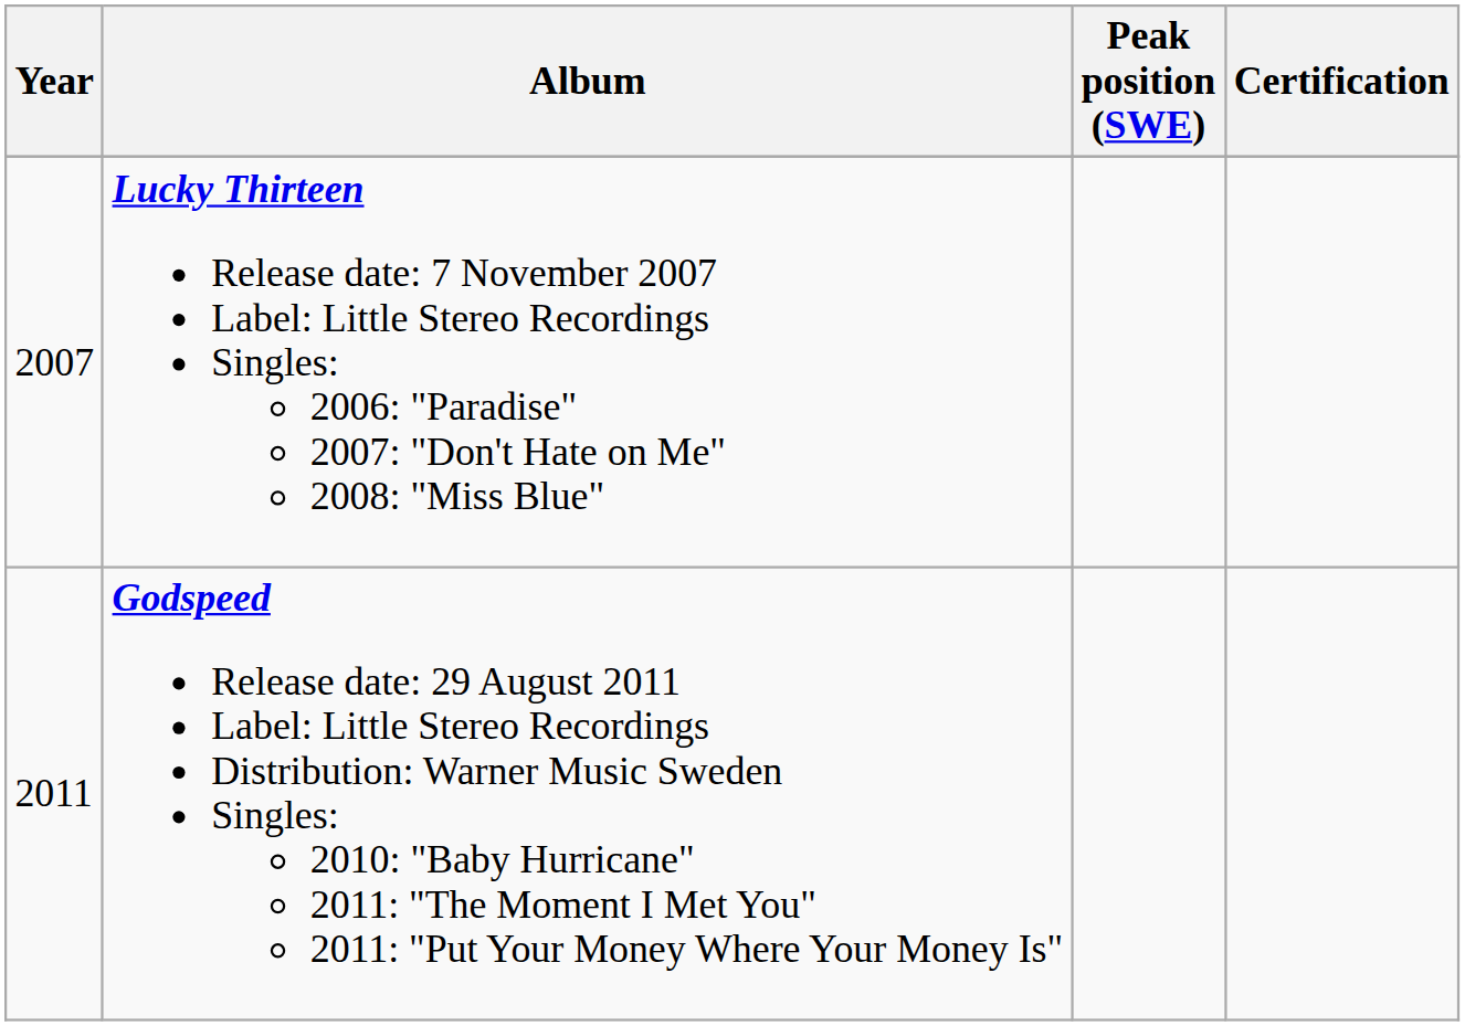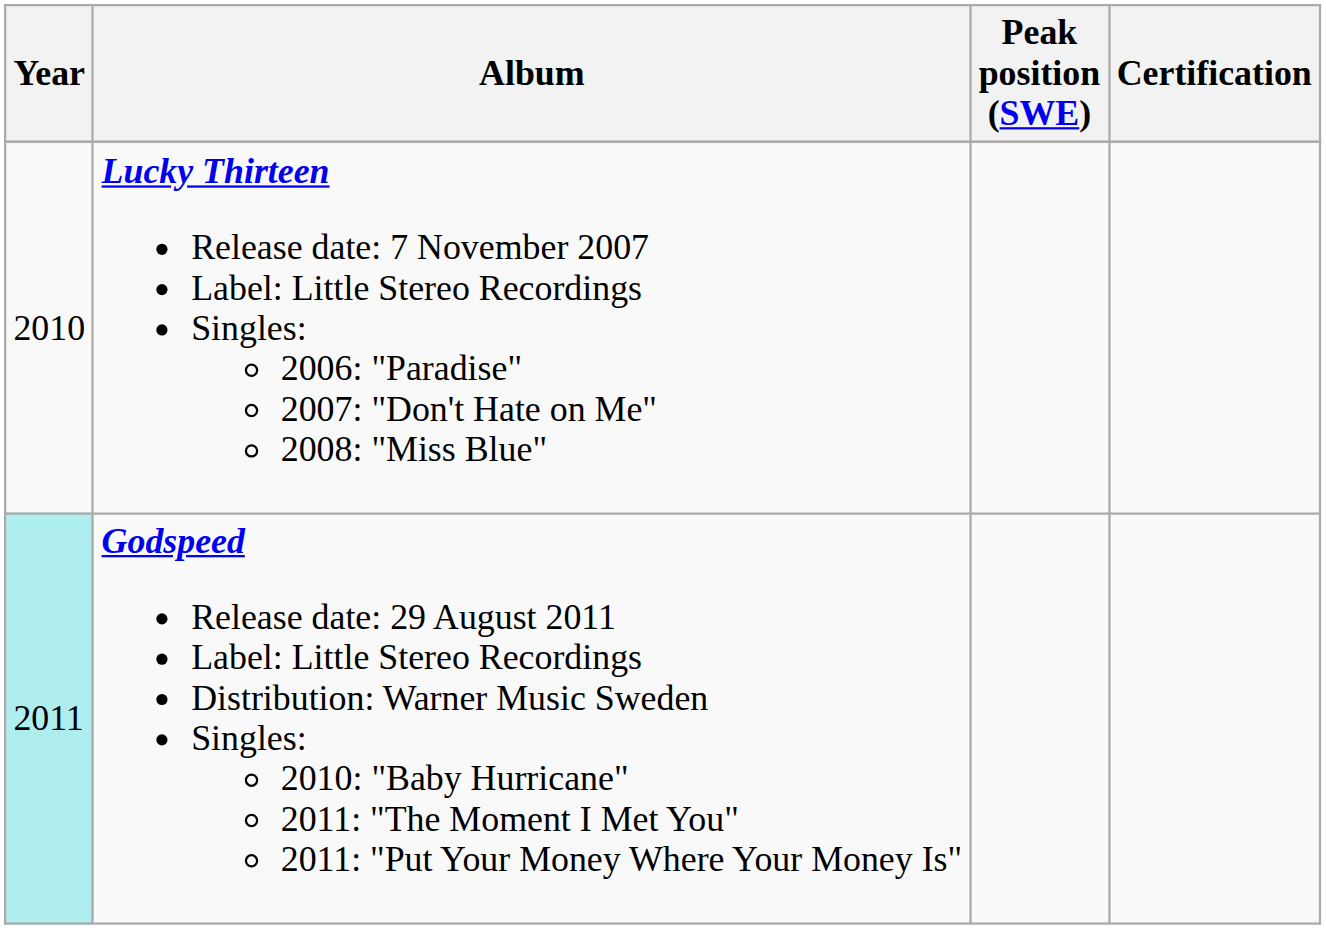 <table class="wikitable">
 <tr>
 <th align="left">Year</th>
 <th align="left">Album</th>
 <th align="center">Peak<br>position<br>(<a href='#'>SWE</a>)</th>
 <th align="left">Certification</th>
 </tr>
 <tr>
 </tr>
 <tr>
-<td width=30>2007</td>
+<td width=30>2010</td>
 <td align="left"><strong><em><a href='#'>Lucky Thirteen</a></em></strong><br><ul><li>Release date: 7 November 2007</li><li>Label: Little Stereo Recordings</li><li>Singles:<ul><li>2006: "Paradise"</li><li>2007: "Don't Hate on Me"</li><li>2008: "Miss Blue"</li></ul></li></ul></td>
 <td width=30></td>
 <td></td>
 </tr>
 <tr>
-<td width=30>2011</td>
+<td width=30 style="background: paleturquoise;">2011</td>
 <td align="left"><strong><em><a href='#'>Godspeed</a></em></strong><br><ul><li>Release date: 29 August 2011</li><li>Label: Little Stereo Recordings</li><li>Distribution: Warner Music Sweden</li><li>Singles:<ul><li>2010: "Baby Hurricane"</li><li>2011: "The Moment I Met You"</li><li>2011: "Put Your Money Where Your Money Is"</li></ul></li></ul></td>
 <td width=30></td>
 <td></td>
 </tr>
 </table>
